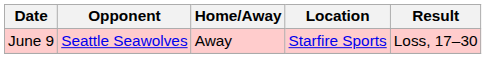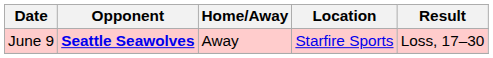 <table class="wikitable">
 <tr>
 <th>Date</th>
 <th>Opponent</th>
 <th>Home/Away</th>
 <th>Location</th>
 <th>Result</th>
 </tr>
 <tr bgcolor="#FFCCCC">
 <td>June 9</td>
-<td><a href='#'>Seattle Seawolves</a></td>
+<td><strong><a href='#'>Seattle Seawolves</a></strong></td>
 <td>Away</td>
 <td><a href='#'>Starfire Sports</a></td>
 <td>Loss, 17–30</td>
 </tr>
 <tr>
 </tr>
 </table>
